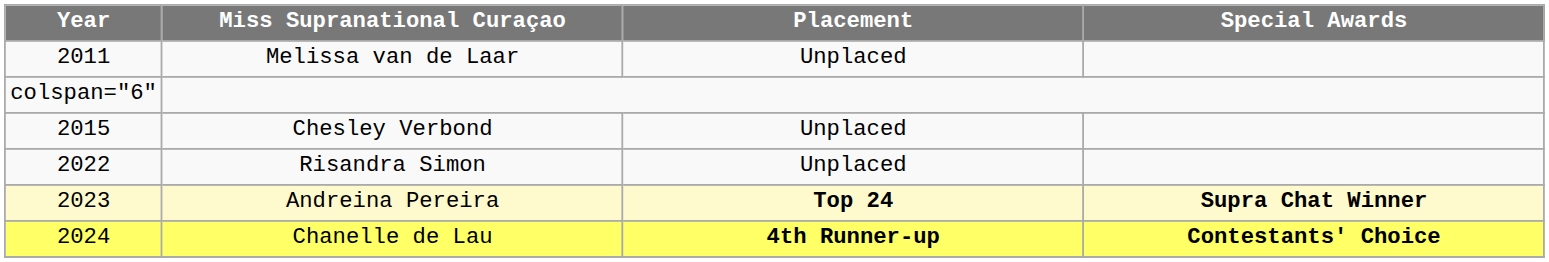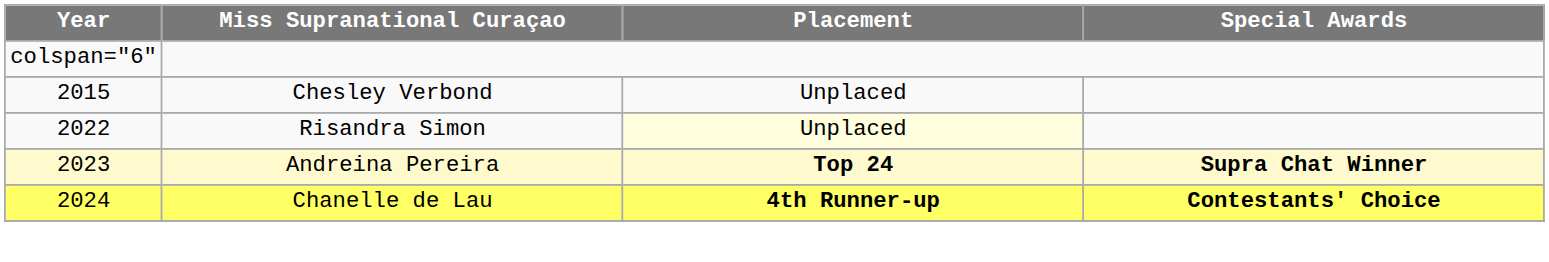 <table class="wikitable sortable" style="font-size: 95%; text-align:center">
 <tr>
 <th width="60" style="background-color:#787878;color:#FFFFFF;">Year</th>
 <th width="250" style="background-color:#787878;color:#FFFFFF;">Miss Supranational Curaçao</th>
 <th width="250" style="background-color:#787878;color:#FFFFFF;">Placement</th>
 <th width="250" style="background-color:#787878;color:#FFFFFF;">Special Awards</th>
-</tr>
-<tr>
-<td>2011</td>
-<td>Melissa van de Laar</td>
-<td>Unplaced</td>
-<td></td>
 </tr>
 <tr>
 <td>colspan="6" </td>
 </tr>
 <tr>
 <td>2015</td>
 <td>Chesley Verbond</td>
 <td>Unplaced</td>
 <td></td>
 </tr>
 <tr>
 <td>2022</td>
 <td>Risandra Simon</td>
-<td>Unplaced</td>
+<td style="background: lightyellow;">Unplaced</td>
 <td></td>
 </tr>
 <tr style="background-color:#FFFACD;">
 <td>2023</td>
 <td>Andreina Pereira</td>
 <td><strong>Top 24</strong></td>
 <td><strong>Supra Chat Winner</strong></td>
 </tr>
 <tr bgcolor="FFFF66">
 <td>2024</td>
 <td>Chanelle de Lau</td>
 <td><strong>4th Runner-up</strong></td>
 <td><strong>Contestants' Choice</strong></td>
 </tr>
 <tr>
 </tr>
 </table>
